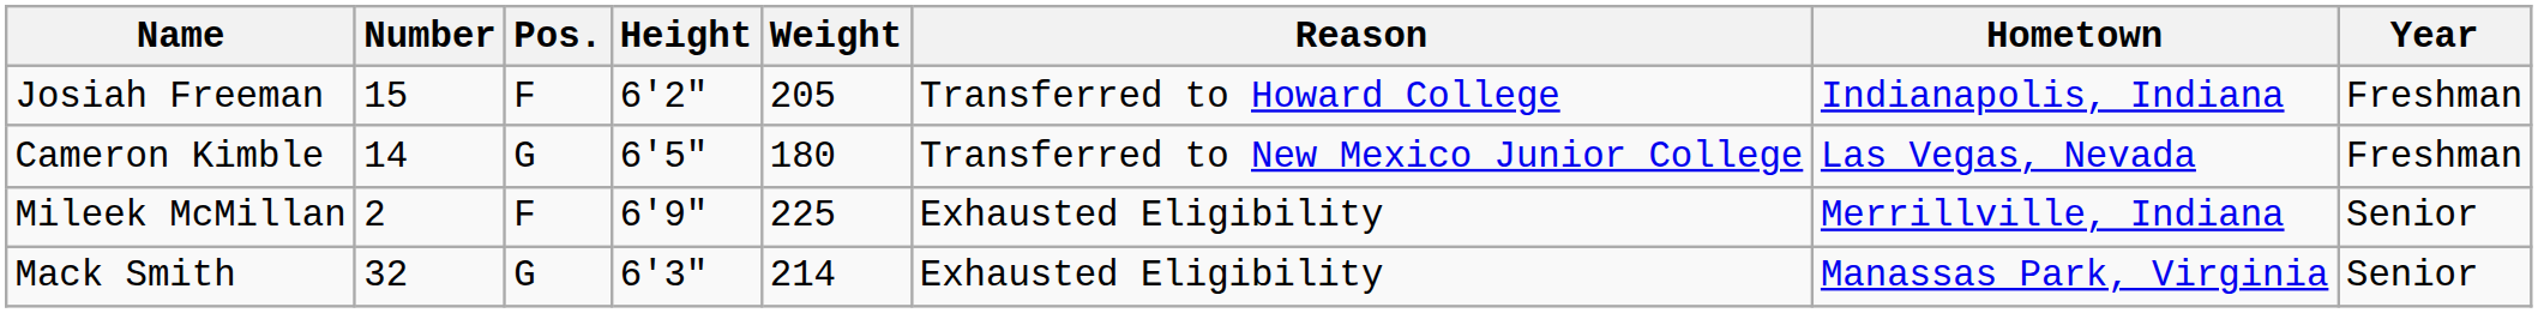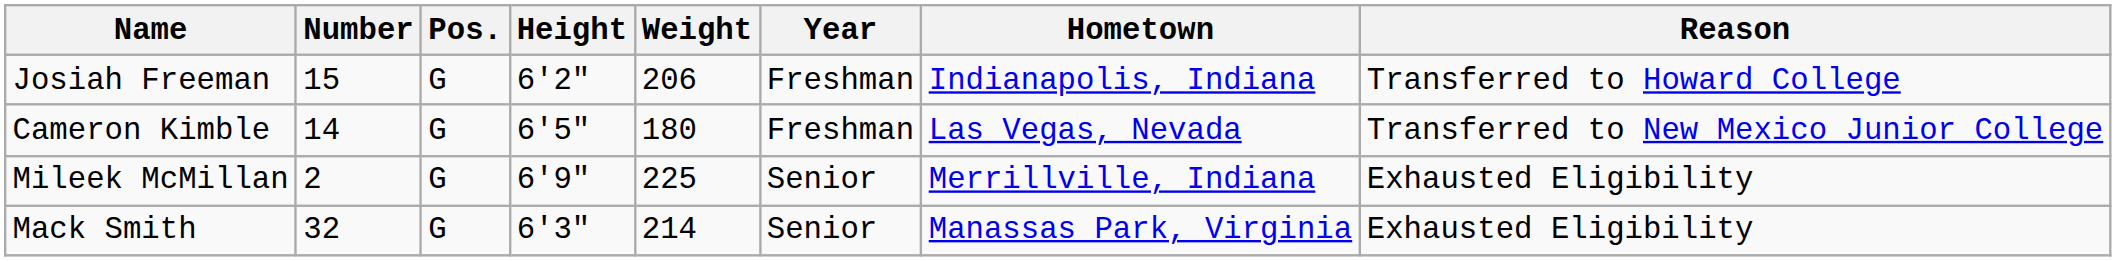 <table class="wikitable sortable sortable" border="1">
 <tr align=center>
 <th>Name</th>
 <th>Number</th>
 <th>Pos.</th>
 <th>Height</th>
 <th>Weight</th>
+<th>Year</th>
+<th>Hometown</th>
 <th>Reason</th>
-<th>Hometown</th>
-<th>Year</th>
 </tr>
 <tr>
 <td>Josiah Freeman</td>
 <td>15</td>
-<td>F</td>
+<td>G</td>
 <td>6'2"</td>
-<td>205</td>
+<td>206</td>
+<td>Freshman</td>
+<td><a href='#'>Indianapolis, Indiana</a></td>
 <td>Transferred to <a href='#'>Howard College</a></td>
-<td><a href='#'>Indianapolis, Indiana</a></td>
-<td>Freshman</td>
 </tr>
 <tr>
 <td>Cameron Kimble</td>
 <td>14</td>
 <td>G</td>
 <td>6'5"</td>
 <td>180</td>
+<td>Freshman</td>
+<td><a href='#'>Las Vegas, Nevada</a></td>
 <td>Transferred to <a href='#'>New Mexico Junior College</a></td>
-<td><a href='#'>Las Vegas, Nevada</a></td>
-<td>Freshman</td>
 </tr>
 <tr>
 <td>Mileek McMillan</td>
 <td>2</td>
-<td>F</td>
+<td>G</td>
 <td>6'9"</td>
 <td>225</td>
+<td>Senior</td>
+<td><a href='#'>Merrillville, Indiana</a></td>
 <td>Exhausted Eligibility</td>
-<td><a href='#'>Merrillville, Indiana</a></td>
-<td>Senior</td>
 </tr>
 <tr>
 <td>Mack Smith</td>
 <td>32</td>
 <td>G</td>
 <td>6'3"</td>
 <td>214</td>
+<td>Senior</td>
+<td><a href='#'>Manassas Park, Virginia</a></td>
 <td>Exhausted Eligibility</td>
-<td><a href='#'>Manassas Park, Virginia</a></td>
-<td>Senior</td>
 </tr>
 </table>
